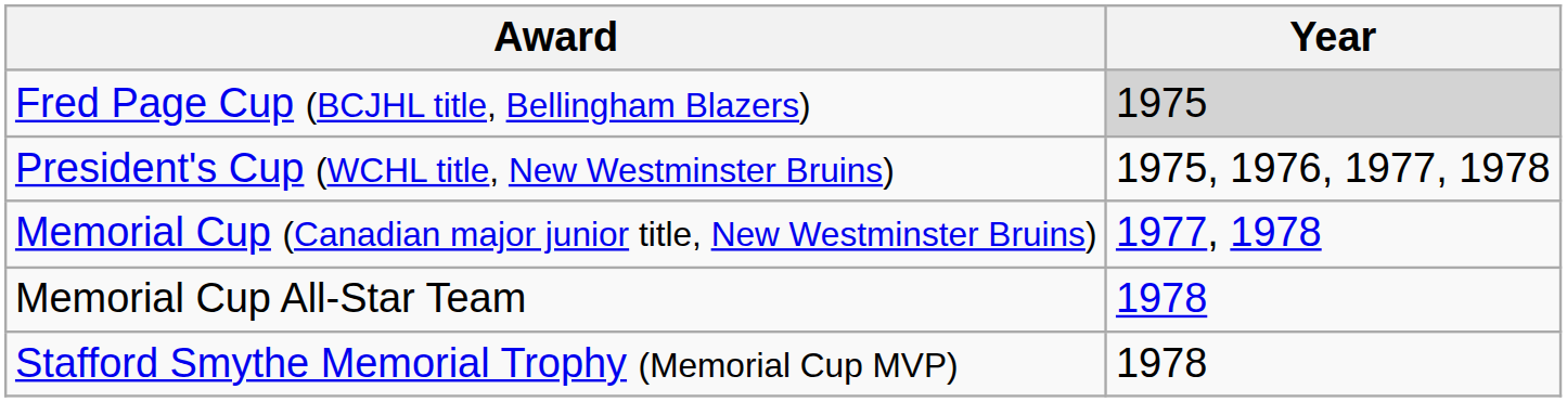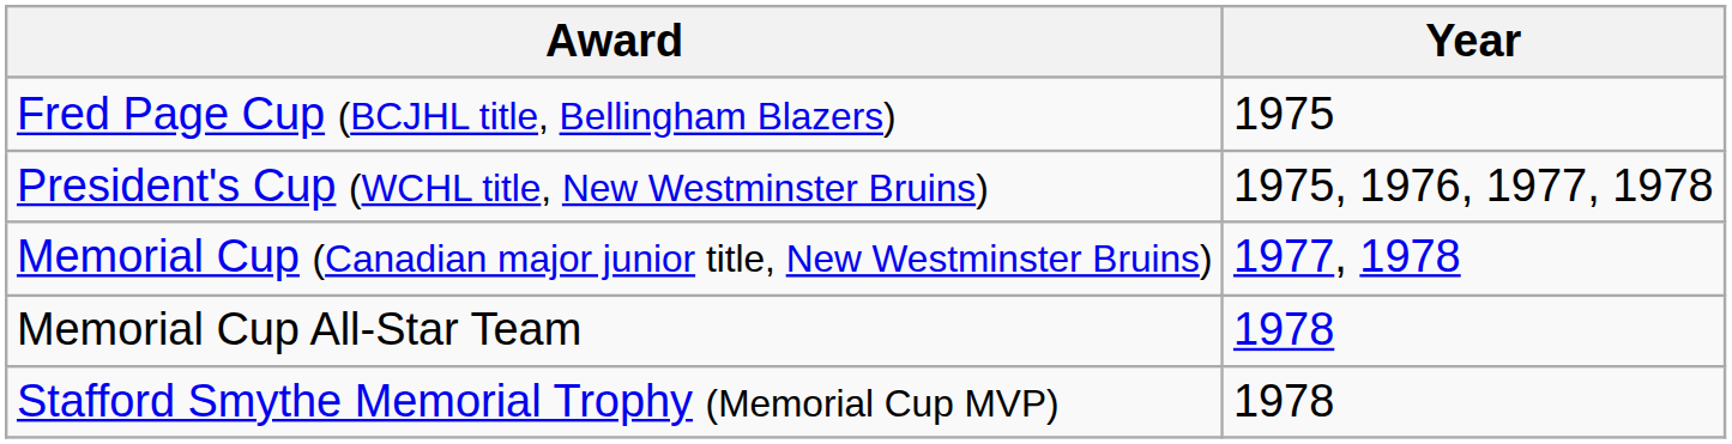 <table class="wikitable" border="1">
 <tr>
 <th>Award</th>
 <th>Year</th>
 </tr>
 <tr>
 <td><a href='#'>Fred Page Cup</a> <small>(<a href='#'>BCJHL title</a>, <a href='#'>Bellingham Blazers</a>)</small></td>
-<td style="background: lightgrey;">1975</td>
+<td>1975</td>
 </tr>
 <tr>
 <td><a href='#'>President's Cup</a> <small>(<a href='#'>WCHL title</a>, <a href='#'>New Westminster Bruins</a>)</small></td>
 <td>1975, 1976, 1977, 1978</td>
 </tr>
 <tr>
 <td><a href='#'>Memorial Cup</a> <small>(<a href='#'>Canadian major junior</a> title, <a href='#'>New Westminster Bruins</a>)</small></td>
 <td><a href='#'>1977</a>, <a href='#'>1978</a></td>
 </tr>
 <tr>
 <td>Memorial Cup All-Star Team</td>
 <td><a href='#'>1978</a></td>
 </tr>
 <tr>
 <td><a href='#'>Stafford Smythe Memorial Trophy</a> <small>(Memorial Cup MVP)</small></td>
 <td>1978</td>
 </tr>
 </table>
